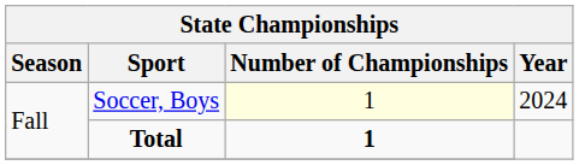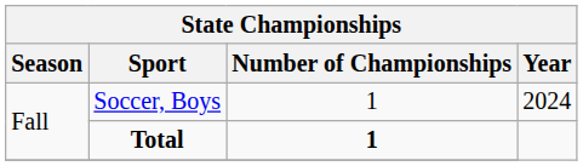 <table class="wikitable">
 <tr>
 <th colspan="4">State Championships</th>
 </tr>
 <tr>
 <th>Season</th>
 <th>Sport</th>
 <th>Number of Championships</th>
 <th>Year</th>
 </tr>
 <tr>
 <td rowspan="2">Fall</td>
 <td><a href='#'>Soccer, Boys</a></td>
-<td align="center" style="background: lightyellow;">1</td>
+<td align="center">1</td>
 <td>2024</td>
 </tr>
 <tr>
 <td align="center" colspan="1"><strong>Total</strong></td>
 <td align="center"><strong>1</strong></td>
 </tr>
 <tr>
 </tr>
 </table>
